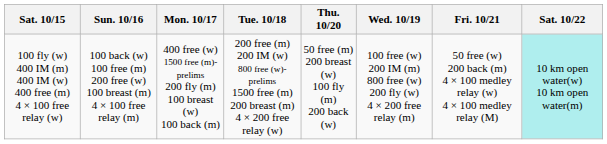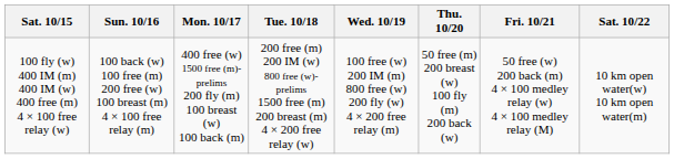 <table class=wikitable style="text-align:center">
 <tr>
 <th>Sat. 10/15</th>
 <th>Sun. 10/16</th>
 <th>Mon. 10/17</th>
 <th>Tue. 10/18</th>
+<th>Wed. 10/19</th>
 <th>Thu. 10/20</th>
-<th>Wed. 10/19</th>
 <th>Fri. 10/21</th>
 <th>Sat. 10/22</th>
 </tr>
 <tr>
 <td>100 fly (w) <br> 400 IM (m) <br> 400 IM (w) <br> 400 free (m) <br> 4 × 100 free relay (w)</td>
 <td>100 back (w) <br> 100 free (m) <br> 200 free (w) <br> 100 breast (m) <br> 4 × 100 free relay (m)</td>
 <td>400 free (w) <br> <small>1500 free (m)-prelims</small> <br> 200 fly (m) <br> 100 breast (w) <br> 100 back (m)</td>
 <td>200 free (m) <br> 200 IM (w) <br> <small>800 free (w)-prelims</small><br> 1500 free (m) <br> 200 breast (m) <br> 4 × 200 free relay (w)</td>
+<td>100 free (w) <br> 200 IM (m) <br> 800 free (w) <br> 200 fly (w) <br> 4 × 200 free relay (m)</td>
 <td>50 free (m) <br> 200 breast (w) <br> 100 fly (m) <br> 200 back (w)</td>
-<td>100 free (w) <br> 200 IM (m) <br> 800 free (w) <br> 200 fly (w) <br> 4 × 200 free relay (m)</td>
 <td>50 free (w) <br> 200 back (m) <br> 4 × 100 medley relay (w) <br> 4 × 100 medley relay (M)</td>
-<td style="background: paleturquoise;">10 km open water(w) <br> 10 km open water(m)</td>
+<td>10 km open water(w) <br> 10 km open water(m)</td>
 </tr>
 </table>
